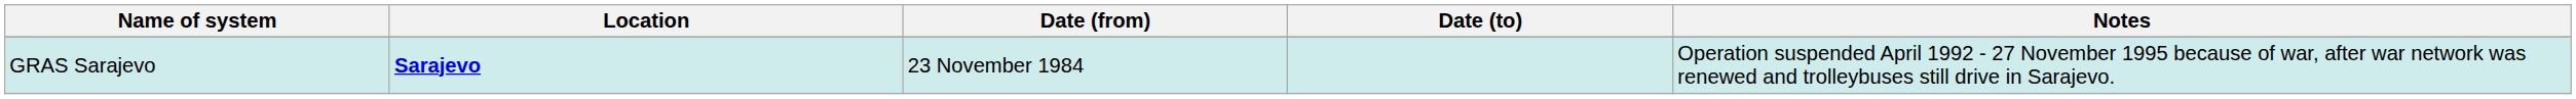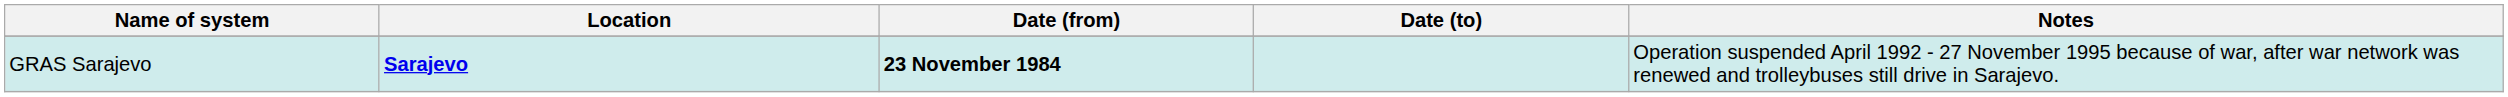 <table class="wikitable" width=100%>
 <tr>
 <th width=15%>Name of system</th>
 <th width=20%>Location</th>
 <th width=15%>Date (from)</th>
 <th width=15%>Date (to)</th>
 <th width=35%>Notes</th>
 </tr>
 <tr>
 </tr>
 <tr style="background:#CFECEC">
 <td>GRAS Sarajevo</td>
 <td><strong><a href='#'>Sarajevo</a></strong></td>
-<td>23 November 1984</td>
+<td><strong>23 November 1984</strong></td>
 <td> </td>
 <td>Operation suspended April 1992 - 27 November 1995 because of war, after war network was renewed and trolleybuses still drive in Sarajevo.</td>
 </tr>
 <tr>
 </tr>
 </table>
